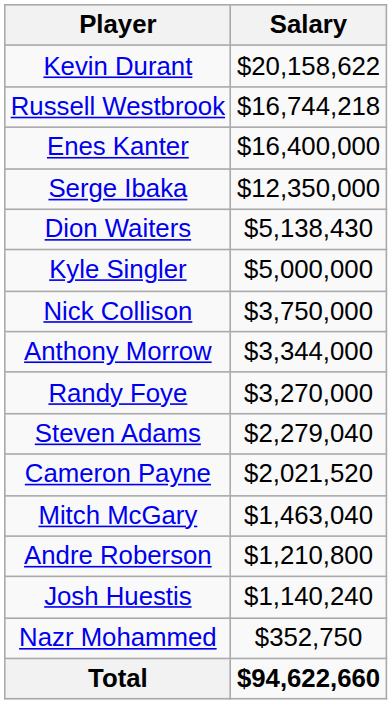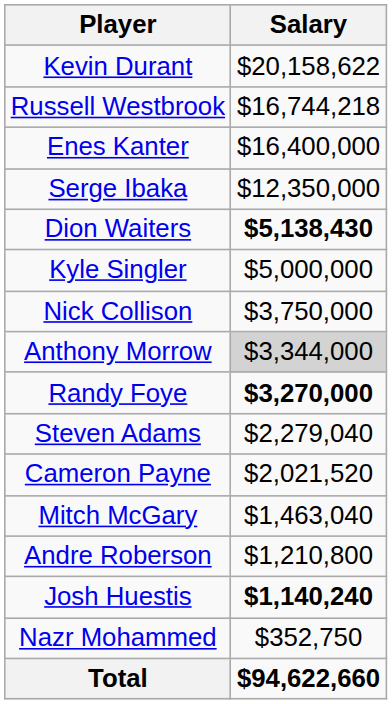 <table class="wikitable sortable mw-collapsible mw-collapsed" style="text-align: center">
 <tr>
 <th>Player</th>
 <th>Salary</th>
 </tr>
 <tr style="text-align: center">
 <td><a href='#'>Kevin Durant</a></td>
 <td>$20,158,622</td>
 </tr>
 <tr style="text-align: center">
 <td><a href='#'>Russell Westbrook</a></td>
 <td>$16,744,218</td>
 </tr>
 <tr style="text-align: center">
 <td><a href='#'>Enes Kanter</a></td>
 <td>$16,400,000</td>
 </tr>
 <tr style="text-align: center">
 <td><a href='#'>Serge Ibaka</a></td>
 <td>$12,350,000</td>
 </tr>
 <tr style="text-align: center">
 <td><a href='#'>Dion Waiters</a></td>
-<td>$5,138,430</td>
+<td><strong>$5,138,430</strong></td>
 </tr>
 <tr style="text-align: center">
 <td><a href='#'>Kyle Singler</a></td>
 <td>$5,000,000</td>
 </tr>
 <tr style="text-align: center">
 <td><a href='#'>Nick Collison</a></td>
 <td>$3,750,000</td>
 </tr>
 <tr style="text-align: center">
 <td><a href='#'>Anthony Morrow</a></td>
-<td>$3,344,000</td>
+<td style="background: lightgrey;">$3,344,000</td>
 </tr>
 <tr style="text-align: center">
 <td><a href='#'>Randy Foye</a></td>
-<td>$3,270,000</td>
+<td><strong>$3,270,000</strong></td>
 </tr>
 <tr style="text-align: center">
 <td><a href='#'>Steven Adams</a></td>
 <td>$2,279,040</td>
 </tr>
 <tr style="text-align: center">
 <td><a href='#'>Cameron Payne</a></td>
 <td>$2,021,520</td>
 </tr>
 <tr style="text-align: center">
 <td><a href='#'>Mitch McGary</a></td>
 <td>$1,463,040</td>
 </tr>
 <tr style="text-align: center">
 <td><a href='#'>Andre Roberson</a></td>
 <td>$1,210,800</td>
 </tr>
 <tr style="text-align: center">
 <td><a href='#'>Josh Huestis</a></td>
-<td>$1,140,240</td>
+<td><strong>$1,140,240</strong></td>
 </tr>
 <tr style="text-align: center">
 <td><a href='#'>Nazr Mohammed</a></td>
 <td>$352,750</td>
 </tr>
 <tr class="sortbottom">
 <th>Total</th>
 <td><strong>$94,622,660</strong></td>
 </tr>
 </table>
